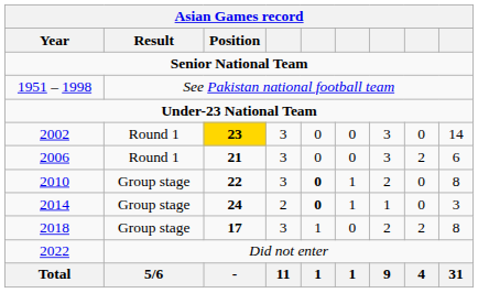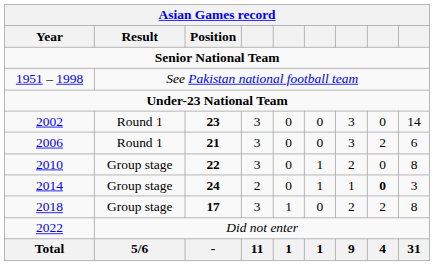 <table class="wikitable" style="text-align: center;">
 <tr>
 <th colspan=9><a href='#'>Asian Games record</a></th>
 </tr>
 <tr>
 <th style="width:100px;">Year</th>
 <th style="width:100px;">Result</th>
 <th style="width:60px;">Position</th>
 <th style="width:30px;"></th>
 <th style="width:30px;"></th>
 <th style="width:30px;"></th>
 <th style="width:30px;"></th>
 <th style="width:30px;"></th>
 <th style="width:30px;"></th>
 </tr>
 <tr>
 <td colspan=9><strong>Senior National Team</strong></td>
 </tr>
 <tr>
 <td><a href='#'>1951</a> – <a href='#'>1998</a></td>
 <td colspan=8><em>See <a href='#'>Pakistan national football team</a></em></td>
 </tr>
 <tr>
 <td colspan=9><strong>Under-23 National Team</strong></td>
 </tr>
 <tr>
 <td> <a href='#'>2002</a></td>
 <td>Round 1</td>
-<td style="background: gold;"><strong>23</strong></td>
+<td><strong>23</strong></td>
 <td>3</td>
 <td>0</td>
 <td>0</td>
 <td>3</td>
 <td>0</td>
 <td>14</td>
 </tr>
 <tr>
 <td> <a href='#'>2006</a></td>
 <td>Round 1</td>
 <td><strong>21</strong></td>
 <td>3</td>
 <td>0</td>
 <td>0</td>
 <td>3</td>
 <td>2</td>
 <td>6</td>
 </tr>
 <tr>
 <td> <a href='#'>2010</a></td>
 <td>Group stage</td>
 <td><strong>22</strong></td>
 <td>3</td>
-<td><strong>0</strong></td>
+<td>0</td>
 <td>1</td>
 <td>2</td>
 <td>0</td>
 <td>8</td>
 </tr>
 <tr>
 <td> <a href='#'>2014</a></td>
 <td>Group stage</td>
 <td><strong>24</strong></td>
 <td>2</td>
-<td><strong>0</strong></td>
+<td>0</td>
 <td>1</td>
 <td>1</td>
-<td>0</td>
+<td><strong>0</strong></td>
 <td>3</td>
 </tr>
 <tr>
 <td> <a href='#'>2018</a></td>
 <td>Group stage</td>
 <td><strong>17</strong></td>
 <td>3</td>
 <td>1</td>
 <td>0</td>
 <td>2</td>
 <td>2</td>
 <td>8</td>
 </tr>
 <tr>
 <td> <a href='#'>2022</a></td>
 <td colspan=8><em>Did not enter</em></td>
 </tr>
 <tr>
 <th><strong>Total</strong></th>
 <th>5/6</th>
 <th>-</th>
 <th>11</th>
 <th>1</th>
 <th>1</th>
 <th>9</th>
 <th>4</th>
 <th>31</th>
 </tr>
 </table>
